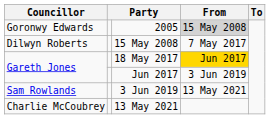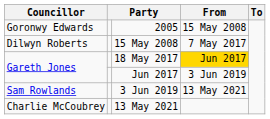 <table class=wikitable>
 <tr>
 <th>Councillor</th>
 <th colspan=2>Party</th>
 <th>From</th>
 <th>To</th>
 </tr>
 <tr>
 <td>Goronwy Edwards</td>
 <td></td>
 <td align=right>2005</td>
-<td align=right style="background: lightgrey;">15 May 2008</td>
+<td align=right>15 May 2008</td>
 </tr>
 <tr>
 <td>Dilwyn Roberts</td>
 <td></td>
 <td align=right>15 May 2008</td>
 <td align=right>7 May 2017</td>
 </tr>
 <tr>
 <td rowspan=2><a href='#'>Gareth Jones</a></td>
 <td></td>
 <td align=right>18 May 2017</td>
 <td align=right style="background: gold;">Jun 2017</td>
 </tr>
 <tr>
 <td></td>
 <td align=right>Jun 2017</td>
 <td align=right>3 Jun 2019</td>
 </tr>
 <tr>
 <td><a href='#'>Sam Rowlands</a></td>
 <td></td>
 <td align=right>3 Jun 2019</td>
 <td align=right>13 May 2021</td>
 </tr>
 <tr>
 <td>Charlie McCoubrey</td>
 <td></td>
 <td align=right>13 May 2021</td>
 <td align=right></td>
 </tr>
 </table>
